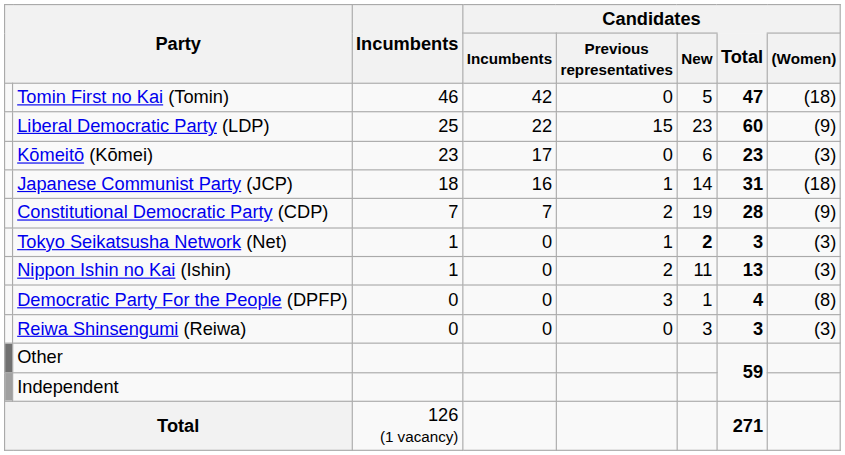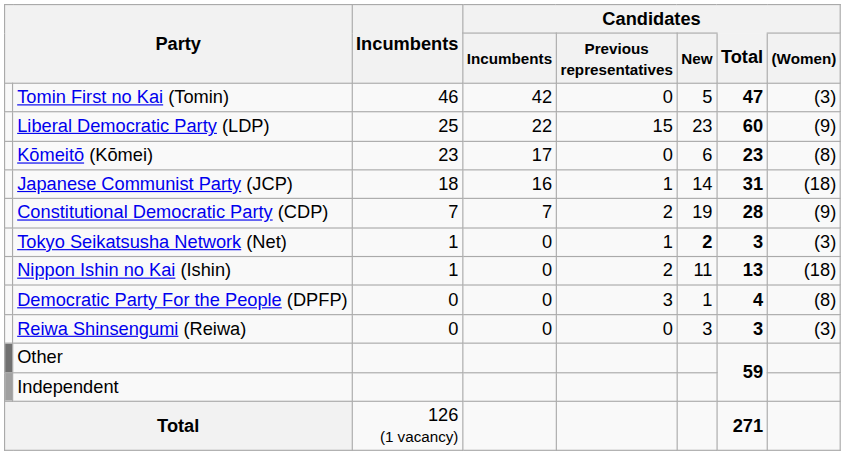 <table class="wikitable">
 <tr>
 <th colspan="2" rowspan="2">Party</th>
 <th rowspan="2">Incumbents</th>
 <th colspan="5">Candidates</th>
 </tr>
 <tr>
 <th><small>Incumbents</small></th>
 <th><small>Previous</small><br><small>representatives</small></th>
 <th><small>New</small></th>
 <th style="border-top:hidden">Total</th>
 <th><small>(Women)</small></th>
 </tr>
 <tr align="right">
 <td style="background-color:"></td>
 <td align="left"><a href='#'>Tomin First no Kai</a> (Tomin)</td>
 <td>46</td>
 <td>42</td>
 <td>0</td>
 <td>5</td>
 <td><strong>47</strong></td>
-<td>(18)</td>
+<td>(3)</td>
 </tr>
 <tr align="right">
 <td style="background-color:"></td>
 <td align="left"><a href='#'>Liberal Democratic Party</a> (LDP)</td>
 <td>25</td>
 <td>22</td>
 <td>15</td>
 <td>23</td>
 <td><strong>60</strong></td>
 <td>(9)</td>
 </tr>
 <tr align="right">
 <td style="background-color:"></td>
 <td align="left"><a href='#'>Kōmeitō</a> (Kōmei)</td>
 <td>23</td>
 <td>17</td>
 <td>0</td>
 <td>6</td>
 <td><strong>23</strong></td>
-<td>(3)</td>
+<td>(8)</td>
 </tr>
 <tr align="right">
 <td style="background-color:"></td>
 <td align="left"><a href='#'>Japanese Communist Party</a> (JCP)</td>
 <td>18</td>
 <td>16</td>
 <td>1</td>
 <td>14</td>
 <td><strong>31</strong></td>
 <td>(18)</td>
 </tr>
 <tr align="right">
 <td style="background-color:"></td>
 <td align="left"><a href='#'>Constitutional Democratic Party</a> (CDP)</td>
 <td>7</td>
 <td>7</td>
 <td>2</td>
 <td>19</td>
 <td><strong>28</strong></td>
 <td>(9)</td>
 </tr>
 <tr align="right">
 <td style="background-color:"></td>
 <td align="left"><a href='#'>Tokyo Seikatsusha Network</a> (Net)</td>
 <td>1</td>
 <td>0</td>
 <td>1</td>
 <td><strong>2</strong></td>
 <td><strong>3</strong></td>
 <td>(3)</td>
 </tr>
 <tr align="right">
 <td style="background-color:"></td>
 <td align="left"><a href='#'>Nippon Ishin no Kai</a> (Ishin)</td>
 <td>1</td>
 <td>0</td>
 <td>2</td>
 <td>11</td>
 <td><strong>13</strong></td>
-<td>(3)</td>
+<td>(18)</td>
 </tr>
 <tr align="right">
 <td style="background-color:"></td>
 <td align="left"><a href='#'>Democratic Party For the People</a> (DPFP)</td>
 <td>0</td>
 <td>0</td>
 <td>3</td>
 <td>1</td>
 <td><strong>4</strong></td>
 <td>(8)</td>
 </tr>
 <tr align="right">
 <td style="background-color:"></td>
 <td align="left"><a href='#'>Reiwa Shinsengumi</a> (Reiwa)</td>
 <td>0</td>
 <td>0</td>
 <td>0</td>
 <td>3</td>
 <td><strong>3</strong></td>
 <td>(3)</td>
 </tr>
 <tr align="right">
 <td style="background-color: #707070;"></td>
 <td align="left">Other</td>
 <td></td>
 <td></td>
 <td></td>
 <td></td>
 <td rowspan="2"><strong>59</strong></td>
 <td></td>
 </tr>
 <tr align="right">
 <td style="background-color: #A0A0A0;"></td>
 <td align="left">Independent</td>
 <td></td>
 <td></td>
 <td></td>
 <td></td>
 <td></td>
 </tr>
 <tr align="right">
 <th colspan="2">Total</th>
 <td>126<br><small>(1 vacancy)</small></td>
 <td></td>
 <td></td>
 <td></td>
 <td><strong>271</strong></td>
 <td></td>
 </tr>
 </table>
